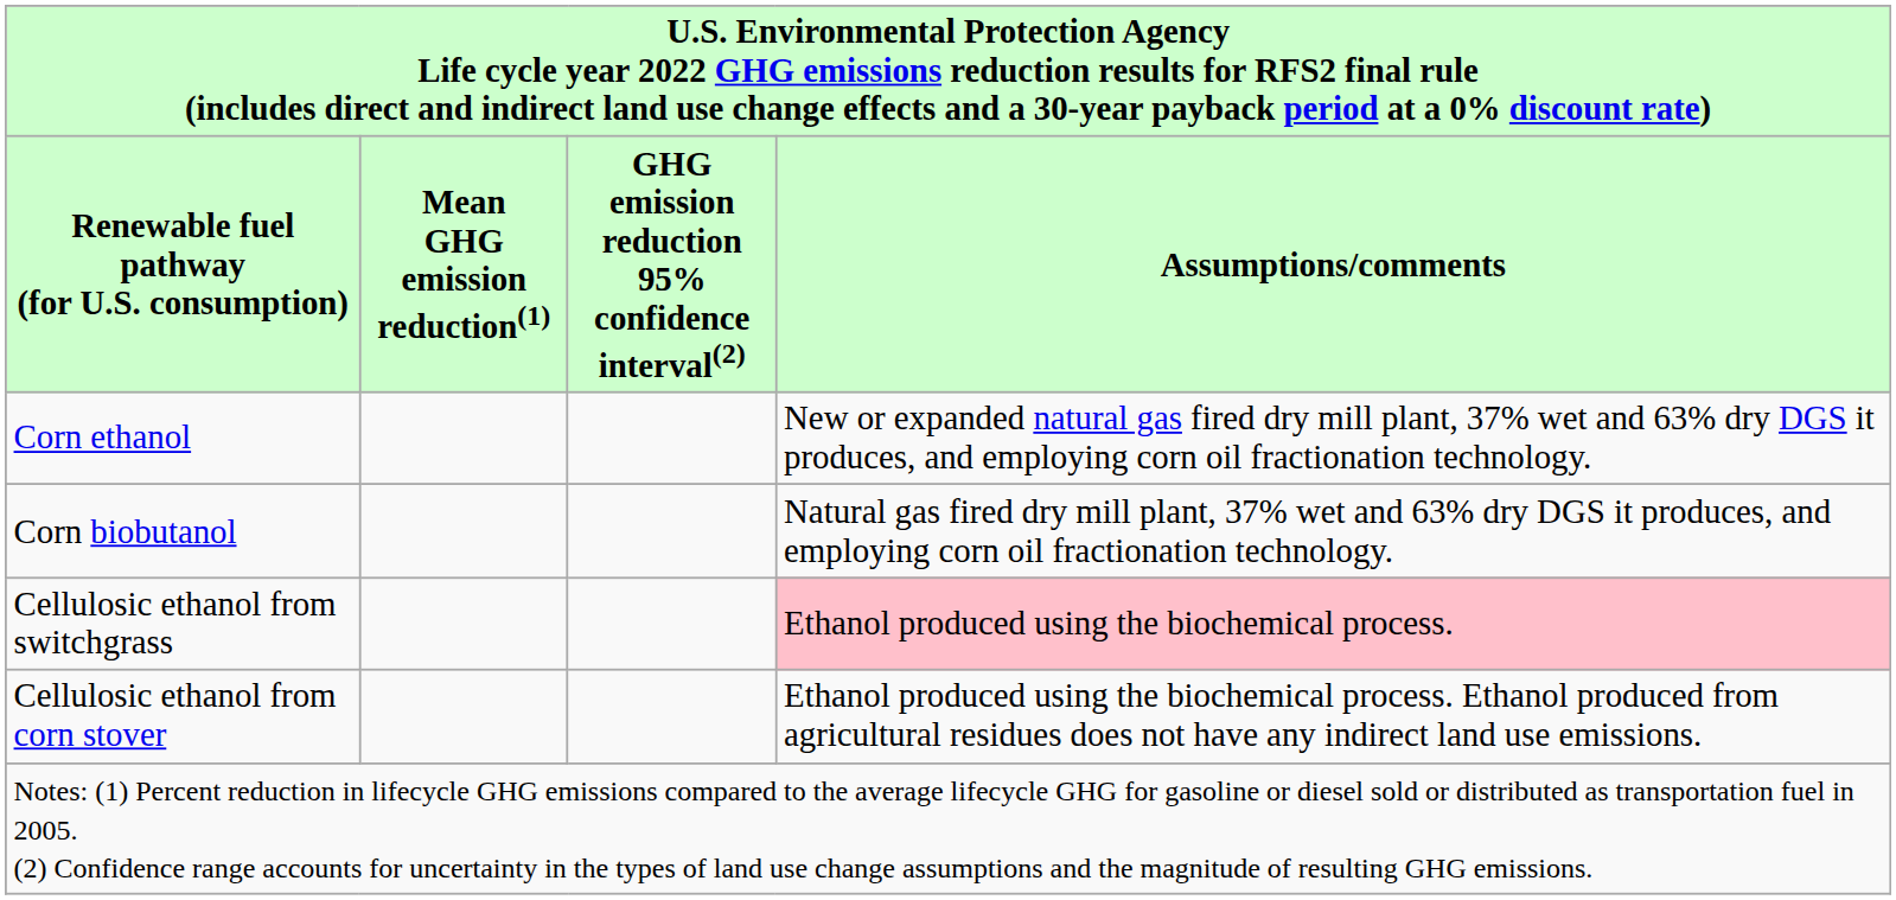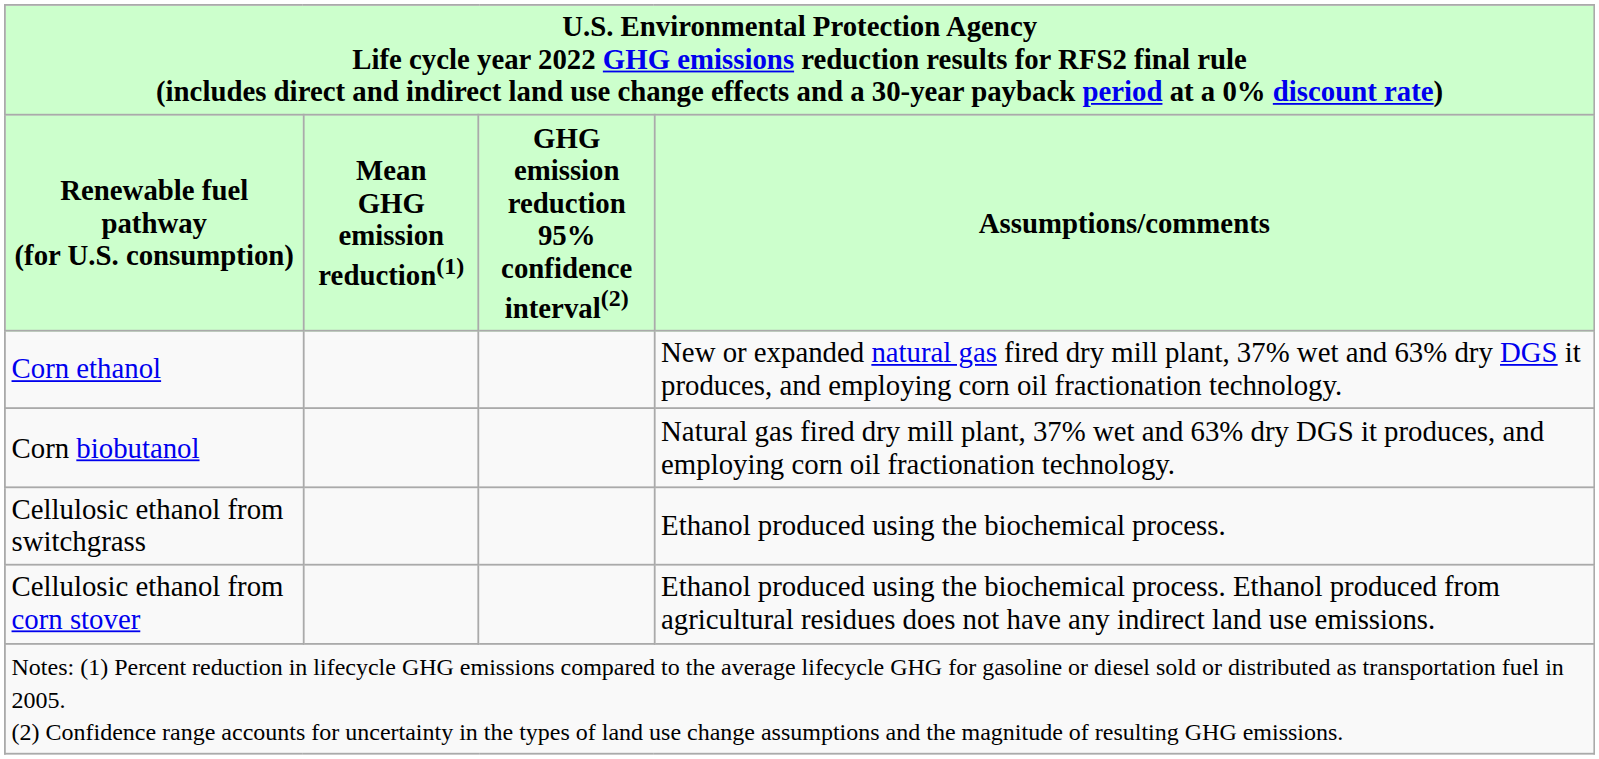 <table class="wikitable" style="margin: 1em auto 1em auto">
 <tr>
 <th colspan="4" style="text-align:center; background:#cfc;">U.S. Environmental Protection Agency<br>Life cycle year 2022 <a href='#'>GHG emissions</a> reduction results for RFS2 final rule<br>(includes direct and indirect land use change effects and a 30-year payback <a href='#'>period</a> at a 0% <a href='#'>discount rate</a>)</th>
 </tr>
 <tr>
 <th style="background:#cfc;">Renewable fuel pathway<br>(for U.S. consumption)</th>
 <th style="background:#cfc;">Mean<br>GHG emission<br>reduction<sup>(1)</sup></th>
 <th style="background:#cfc;">GHG emission<br>reduction<br>95% confidence<br>interval<sup>(2)</sup></th>
 <th style="background:#cfc;">Assumptions/comments</th>
 </tr>
 <tr>
 <td><a href='#'>Corn ethanol</a></td>
 <td></td>
 <td></td>
 <td>New or expanded <a href='#'>natural gas</a> fired dry mill plant, 37% wet and 63% dry <a href='#'>DGS</a> it produces, and employing corn oil fractionation technology.</td>
 </tr>
 <tr>
 <td>Corn <a href='#'>biobutanol</a></td>
 <td></td>
 <td></td>
 <td>Natural gas fired dry mill plant, 37% wet and 63% dry DGS it produces, and employing corn oil fractionation technology.</td>
 </tr>
 <tr>
 <td>Cellulosic ethanol from switchgrass</td>
 <td></td>
 <td></td>
-<td style="background: pink;">Ethanol produced using the biochemical process.</td>
+<td>Ethanol produced using the biochemical process.</td>
 </tr>
 <tr>
 <td>Cellulosic ethanol from <a href='#'>corn stover</a></td>
 <td></td>
 <td></td>
 <td>Ethanol produced using the biochemical process. Ethanol produced from agricultural residues does not have any indirect land use emissions.</td>
 </tr>
 <tr>
 <td colspan="4"><small>Notes: (1) Percent reduction in lifecycle GHG emissions compared to the average lifecycle GHG for gasoline or diesel sold or distributed as transportation fuel in 2005.<br>(2) Confidence range accounts for uncertainty in the types of land use change assumptions and the magnitude of resulting GHG emissions.</small></td>
 </tr>
 </table>
